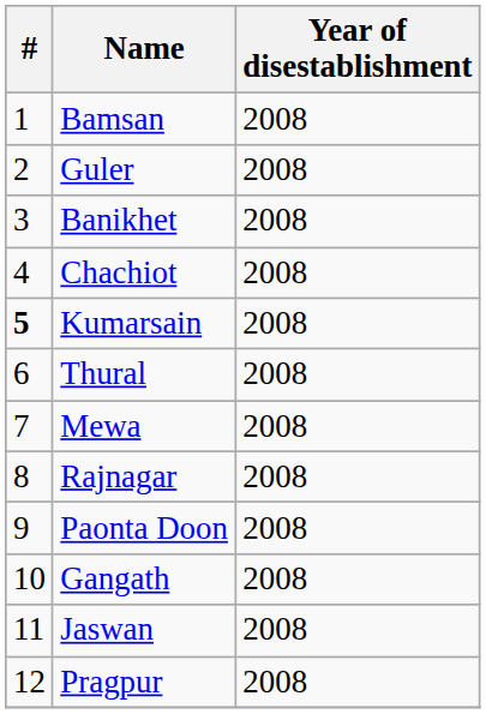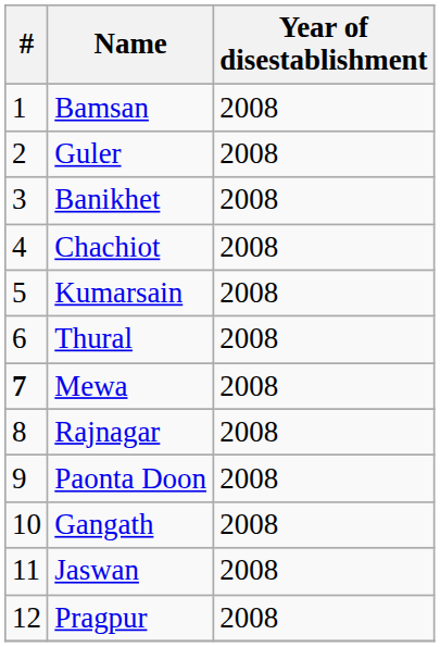 <table class="sortable wikitable">
 <tr>
 <th>#</th>
 <th>Name</th>
 <th>Year of<br>disestablishment</th>
 </tr>
 <tr>
 <td>1</td>
 <td><a href='#'>Bamsan</a></td>
 <td>2008</td>
 </tr>
 <tr>
 <td>2</td>
 <td><a href='#'>Guler</a></td>
 <td>2008</td>
 </tr>
 <tr>
 <td>3</td>
 <td><a href='#'>Banikhet</a></td>
 <td>2008</td>
 </tr>
 <tr>
 <td>4</td>
 <td><a href='#'>Chachiot</a></td>
 <td>2008</td>
 </tr>
 <tr>
-<td><strong>5</strong></td>
+<td>5</td>
 <td><a href='#'>Kumarsain</a></td>
 <td>2008</td>
 </tr>
 <tr>
 <td>6</td>
 <td><a href='#'>Thural</a></td>
 <td>2008</td>
 </tr>
 <tr>
-<td>7</td>
+<td><strong>7</strong></td>
 <td><a href='#'>Mewa</a></td>
 <td>2008</td>
 </tr>
 <tr>
 <td>8</td>
 <td><a href='#'>Rajnagar</a></td>
 <td>2008</td>
 </tr>
 <tr>
 <td>9</td>
 <td><a href='#'>Paonta Doon</a></td>
 <td>2008</td>
 </tr>
 <tr>
 <td>10</td>
 <td><a href='#'>Gangath</a></td>
 <td>2008</td>
 </tr>
 <tr>
 <td>11</td>
 <td><a href='#'>Jaswan</a></td>
 <td>2008</td>
 </tr>
 <tr>
 <td>12</td>
 <td><a href='#'>Pragpur</a></td>
 <td>2008</td>
 </tr>
 <tr>
 </tr>
 </table>
